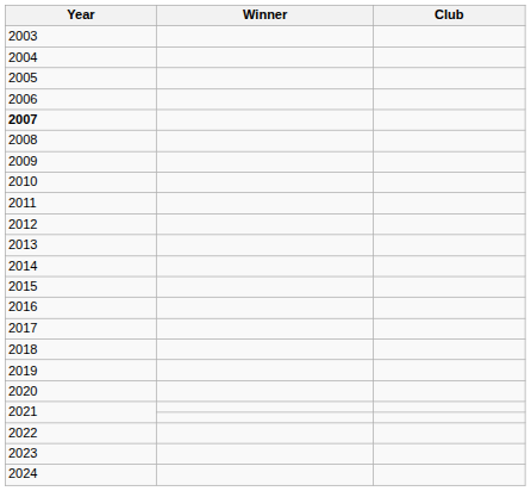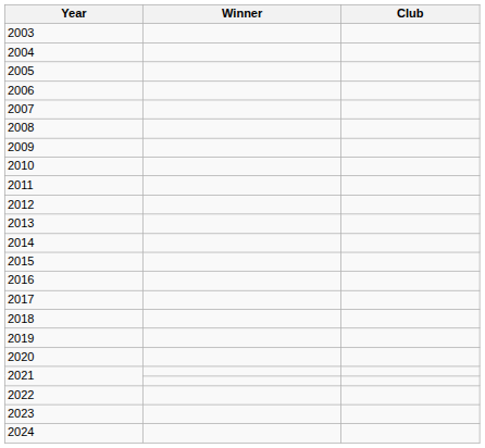 <table class="wikitable sortable" width="40%">
 <tr bgcolor="#efefef">
 <th>Year</th>
 <th>Winner</th>
 <th>Club</th>
 </tr>
 <tr>
 <td>2003</td>
 <td></td>
 <td></td>
 </tr>
 <tr>
 <td>2004</td>
 <td></td>
 <td></td>
 </tr>
 <tr>
 <td>2005</td>
 <td></td>
 <td></td>
 </tr>
 <tr>
 <td>2006</td>
 <td></td>
 <td></td>
 </tr>
 <tr>
-<td><strong>2007</strong></td>
+<td>2007</td>
 <td></td>
 <td></td>
 </tr>
 <tr>
 <td>2008</td>
 <td></td>
 <td></td>
 </tr>
 <tr>
 <td>2009</td>
 <td></td>
 <td></td>
 </tr>
 <tr>
 <td>2010</td>
 <td></td>
 <td></td>
 </tr>
 <tr>
 <td>2011</td>
 <td></td>
 <td></td>
 </tr>
 <tr>
 <td>2012</td>
 <td></td>
 <td></td>
 </tr>
 <tr>
 <td>2013</td>
 <td></td>
 <td></td>
 </tr>
 <tr>
 <td>2014</td>
 <td></td>
 <td></td>
 </tr>
 <tr>
 <td>2015</td>
 <td></td>
 <td></td>
 </tr>
 <tr>
 <td>2016</td>
 <td></td>
 <td></td>
 </tr>
 <tr>
 <td>2017</td>
 <td></td>
 <td></td>
 </tr>
 <tr>
 <td>2018</td>
 <td></td>
 <td></td>
 </tr>
 <tr>
 <td>2019</td>
 <td></td>
 <td></td>
 </tr>
 <tr>
 <td>2020</td>
 <td></td>
 <td></td>
 </tr>
 <tr>
 <td rowspan=2>2021</td>
 <td></td>
 <td></td>
 </tr>
 <tr>
 <td></td>
 <td></td>
 </tr>
 <tr>
 <td>2022</td>
 <td></td>
 <td></td>
 </tr>
 <tr>
 <td>2023</td>
 <td></td>
 <td></td>
 </tr>
 <tr>
 <td>2024</td>
 <td></td>
 <td></td>
 </tr>
 </table>
